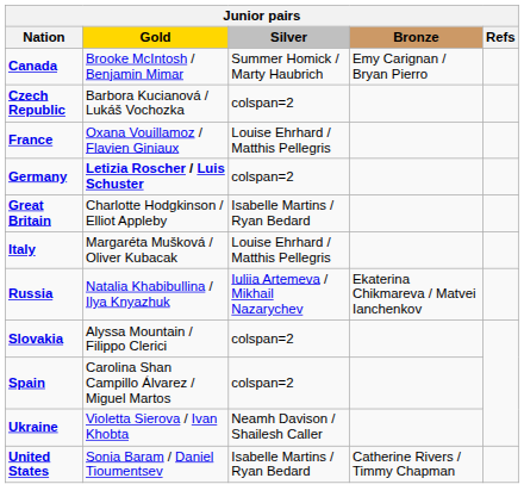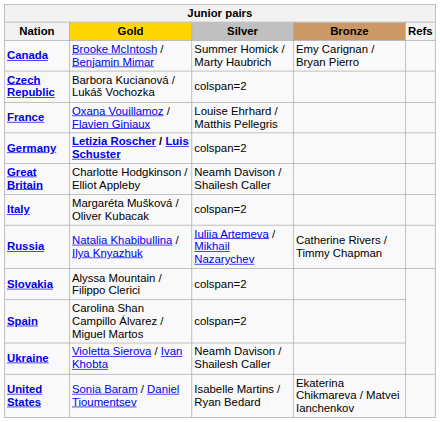 <table class="wikitable">
 <tr>
 <th colspan=5>Junior pairs</th>
 </tr>
 <tr>
 <th>Nation</th>
 <td style="text-align:center; background:gold;"><strong>Gold</strong></td>
 <td style="text-align:center; background:silver;"><strong>Silver</strong></td>
 <td style="text-align:center; background:#c96;"><strong>Bronze</strong></td>
 <th>Refs</th>
 </tr>
 <tr>
 <td><strong> <a href='#'>Canada</a></strong></td>
 <td><a href='#'>Brooke McIntosh</a> / <a href='#'>Benjamin Mimar</a></td>
 <td>Summer Homick / Marty Haubrich</td>
 <td>Emy Carignan / Bryan Pierro</td>
 <td></td>
 </tr>
 <tr>
 <td><strong> <a href='#'>Czech Republic</a></strong></td>
 <td>Barbora Kucianová / Lukáš Vochozka</td>
 <td>colspan=2 </td>
 <td></td>
 </tr>
 <tr>
 <td><strong> <a href='#'>France</a></strong></td>
 <td><a href='#'>Oxana Vouillamoz</a> / <a href='#'>Flavien Giniaux</a></td>
 <td>Louise Ehrhard / Matthis Pellegris</td>
 <td></td>
 <td></td>
 </tr>
 <tr>
 <td><strong> <a href='#'>Germany</a></strong></td>
 <td><strong><a href='#'>Letizia Roscher</a> / <a href='#'>Luis Schuster</a></strong></td>
 <td>colspan=2 </td>
 <td></td>
 </tr>
 <tr>
 <td><strong> <a href='#'>Great Britain</a></strong></td>
 <td>Charlotte Hodgkinson / Elliot Appleby</td>
-<td>Isabelle Martins / Ryan Bedard</td>
+<td>Neamh Davison / Shailesh Caller</td>
 <td></td>
 <td></td>
 </tr>
 <tr>
 <td><strong> <a href='#'>Italy</a></strong></td>
 <td>Margaréta Mušková / Oliver Kubacak</td>
-<td>Louise Ehrhard / Matthis Pellegris</td>
+<td>colspan=2 </td>
 <td></td>
 </tr>
 <tr>
 <td><strong> <a href='#'>Russia</a></strong></td>
 <td><a href='#'>Natalia Khabibullina</a> / <a href='#'>Ilya Knyazhuk</a></td>
 <td><a href='#'>Iuliia Artemeva</a> / <a href='#'>Mikhail Nazarychev</a></td>
-<td>Ekaterina Chikmareva / Matvei Ianchenkov</td>
+<td>Catherine Rivers / Timmy Chapman</td>
 <td></td>
 </tr>
 <tr>
 <td><strong> <a href='#'>Slovakia</a></strong></td>
 <td>Alyssa Mountain / Filippo Clerici</td>
 <td>colspan=2 </td>
 <td></td>
 </tr>
 <tr>
 <td><strong> <a href='#'>Spain</a></strong></td>
 <td>Carolina Shan Campillo Álvarez / Miguel Martos</td>
 <td>colspan=2 </td>
 <td></td>
 </tr>
 <tr>
 <td><strong> <a href='#'>Ukraine</a></strong></td>
 <td><a href='#'>Violetta Sierova</a> / <a href='#'>Ivan Khobta</a></td>
 <td>Neamh Davison / Shailesh Caller</td>
 <td></td>
 </tr>
 <tr>
 <td><strong> <a href='#'>United States</a></strong></td>
 <td><a href='#'>Sonia Baram</a> / <a href='#'>Daniel Tioumentsev</a></td>
 <td>Isabelle Martins / Ryan Bedard</td>
-<td>Catherine Rivers / Timmy Chapman</td>
+<td>Ekaterina Chikmareva / Matvei Ianchenkov</td>
 <td></td>
 </tr>
 </table>
